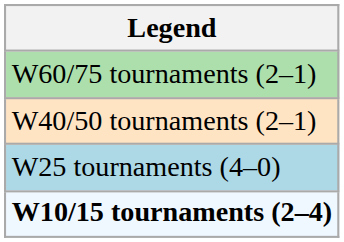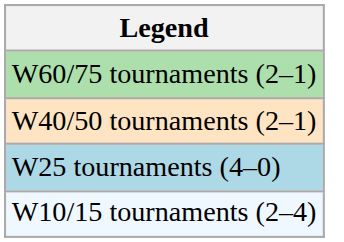 <table class=wikitable style="font-size:85%;">
 <tr>
 <th>Legend</th>
 </tr>
 <tr style="background:#addfad;">
 <td>W60/75 tournaments (2–1)</td>
 </tr>
 <tr style="background:#ffe4c4;">
 <td>W40/50 tournaments (2–1)</td>
 </tr>
 <tr style="background:lightblue;">
 <td>W25 tournaments (4–0)</td>
 </tr>
 <tr style="background:#f0f8ff;">
-<td><strong>W10/15 tournaments (2–4)</strong></td>
+<td>W10/15 tournaments (2–4)</td>
 </tr>
 </table>
